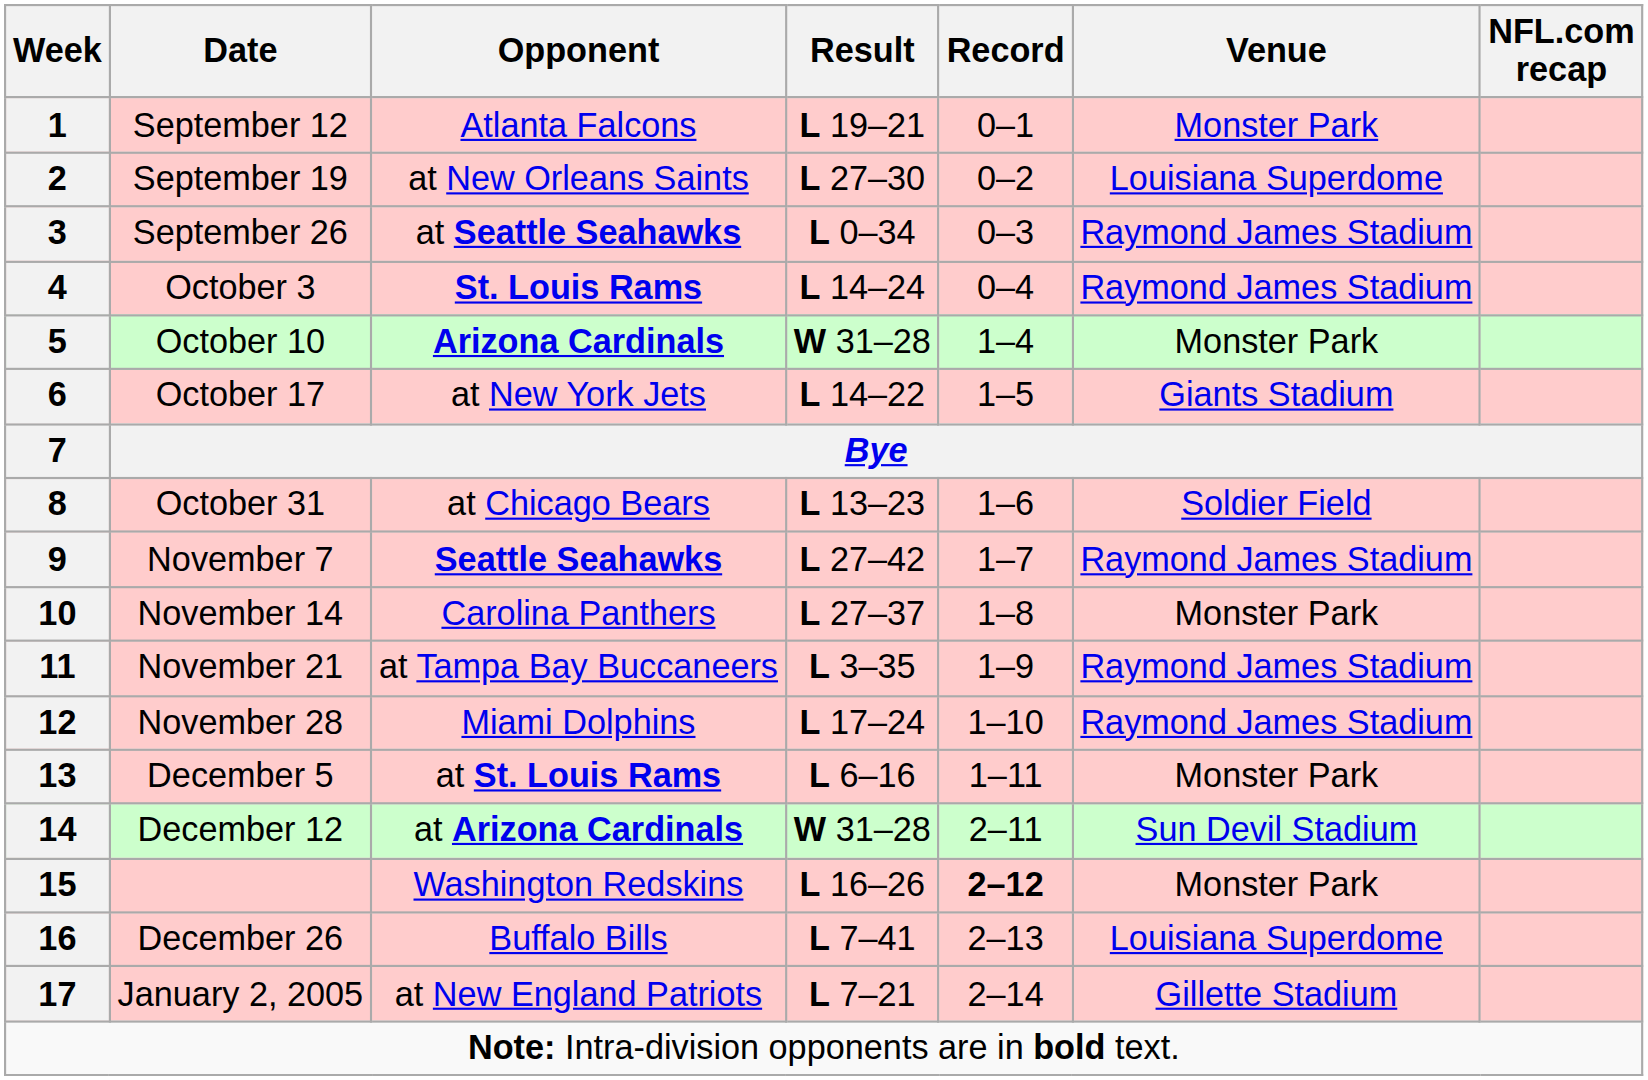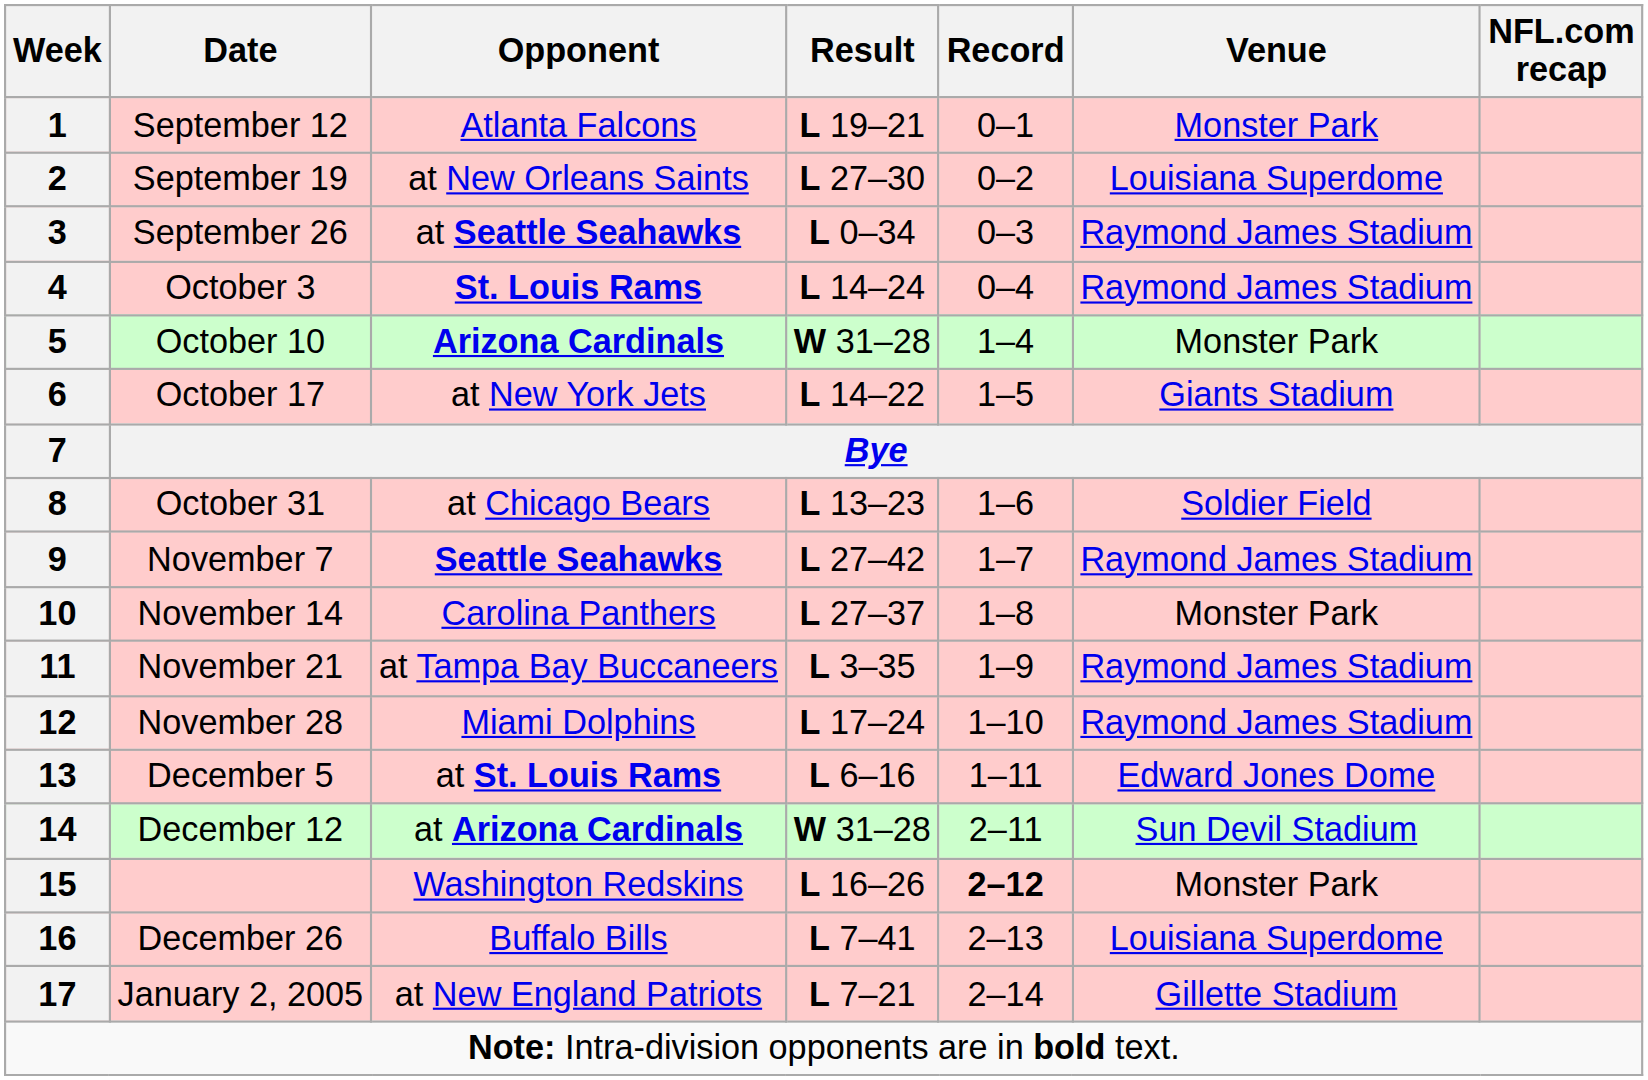 <table class="wikitable" style="text-align:center">
 <tr>
 <th>Week</th>
 <th>Date</th>
 <th>Opponent</th>
 <th>Result</th>
 <th>Record</th>
 <th>Venue</th>
 <th>NFL.com<br>recap</th>
 </tr>
 <tr style="background:#fcc">
 <th>1</th>
 <td>September 12</td>
 <td><a href='#'>Atlanta Falcons</a></td>
 <td><strong>L</strong> 19–21</td>
 <td>0–1</td>
 <td><a href='#'>Monster Park</a></td>
 <td></td>
 </tr>
 <tr style="background:#fcc">
 <th>2</th>
 <td>September 19</td>
 <td>at <a href='#'>New Orleans Saints</a></td>
 <td><strong>L</strong> 27–30</td>
 <td>0–2</td>
 <td><a href='#'>Louisiana Superdome</a></td>
 <td></td>
 </tr>
 <tr style="background:#fcc">
 <th>3</th>
 <td>September 26</td>
 <td>at <strong><a href='#'>Seattle Seahawks</a></strong></td>
 <td><strong>L</strong> 0–34</td>
 <td>0–3</td>
 <td><a href='#'>Raymond James Stadium</a></td>
 <td></td>
 </tr>
 <tr style="background:#fcc">
 <th>4</th>
 <td>October 3</td>
 <td><strong><a href='#'>St. Louis Rams</a></strong></td>
 <td><strong>L</strong> 14–24</td>
 <td>0–4</td>
 <td><a href='#'>Raymond James Stadium</a></td>
 <td></td>
 </tr>
 <tr style="background:#cfc">
 <th>5</th>
 <td>October 10</td>
 <td><strong><a href='#'>Arizona Cardinals</a></strong></td>
 <td><strong>W</strong> 31–28 </td>
 <td>1–4</td>
 <td>Monster Park</td>
 <td></td>
 </tr>
 <tr style="background:#fcc">
 <th>6</th>
 <td>October 17</td>
 <td>at <a href='#'>New York Jets</a></td>
 <td><strong>L</strong> 14–22</td>
 <td>1–5</td>
 <td><a href='#'>Giants Stadium</a></td>
 <td></td>
 </tr>
 <tr align=center>
 <th>7</th>
 <th colspan=6><em><a href='#'>Bye</a></em></th>
 </tr>
 <tr style="background:#fcc">
 <th>8</th>
 <td>October 31</td>
 <td>at <a href='#'>Chicago Bears</a></td>
 <td><strong>L</strong> 13–23</td>
 <td>1–6</td>
 <td><a href='#'>Soldier Field</a></td>
 <td></td>
 </tr>
 <tr style="background:#fcc">
 <th>9</th>
 <td>November 7</td>
 <td><strong><a href='#'>Seattle Seahawks</a></strong></td>
 <td><strong>L</strong> 27–42</td>
 <td>1–7</td>
 <td><a href='#'>Raymond James Stadium</a></td>
 <td></td>
 </tr>
 <tr style="background:#fcc">
 <th>10</th>
 <td>November 14</td>
 <td><a href='#'>Carolina Panthers</a></td>
 <td><strong>L</strong> 27–37</td>
 <td>1–8</td>
 <td>Monster Park</td>
 <td></td>
 </tr>
 <tr style="background:#fcc">
 <th>11</th>
 <td>November 21</td>
 <td>at <a href='#'>Tampa Bay Buccaneers</a></td>
 <td><strong>L</strong> 3–35</td>
 <td>1–9</td>
 <td><a href='#'>Raymond James Stadium</a></td>
 <td></td>
 </tr>
 <tr style="background:#fcc">
 <th>12</th>
 <td>November 28</td>
 <td><a href='#'>Miami Dolphins</a></td>
 <td><strong>L</strong> 17–24</td>
 <td>1–10</td>
 <td><a href='#'>Raymond James Stadium</a></td>
 <td></td>
 </tr>
 <tr style="background:#fcc">
 <th>13</th>
 <td>December 5</td>
 <td>at <strong><a href='#'>St. Louis Rams</a></strong></td>
 <td><strong>L</strong> 6–16</td>
 <td>1–11</td>
-<td>Monster Park</td>
+<td><a href='#'>Edward Jones Dome</a></td>
 <td></td>
 </tr>
 <tr style="background:#cfc">
 <th>14</th>
 <td>December 12</td>
 <td>at <strong><a href='#'>Arizona Cardinals</a></strong></td>
 <td><strong>W</strong> 31–28 </td>
 <td>2–11</td>
 <td><a href='#'>Sun Devil Stadium</a></td>
 <td></td>
 </tr>
 <tr style="background:#fcc">
 <th>15</th>
 <td></td>
 <td><a href='#'>Washington Redskins</a></td>
 <td><strong>L</strong> 16–26</td>
 <td><strong>2–12</strong></td>
 <td>Monster Park</td>
 <td></td>
 </tr>
 <tr style="background:#fcc">
 <th>16</th>
 <td>December 26</td>
 <td><a href='#'>Buffalo Bills</a></td>
 <td><strong>L</strong> 7–41</td>
 <td>2–13</td>
 <td><a href='#'>Louisiana Superdome</a></td>
 <td></td>
 </tr>
 <tr style="background:#fcc">
 <th>17</th>
 <td>January 2, 2005</td>
 <td>at <a href='#'>New England Patriots</a></td>
 <td><strong>L</strong> 7–21</td>
 <td>2–14</td>
 <td><a href='#'>Gillette Stadium</a></td>
 <td></td>
 </tr>
 <tr>
 <td colspan="8"><strong>Note:</strong> Intra-division opponents are in <strong>bold</strong> text.</td>
 </tr>
 </table>
